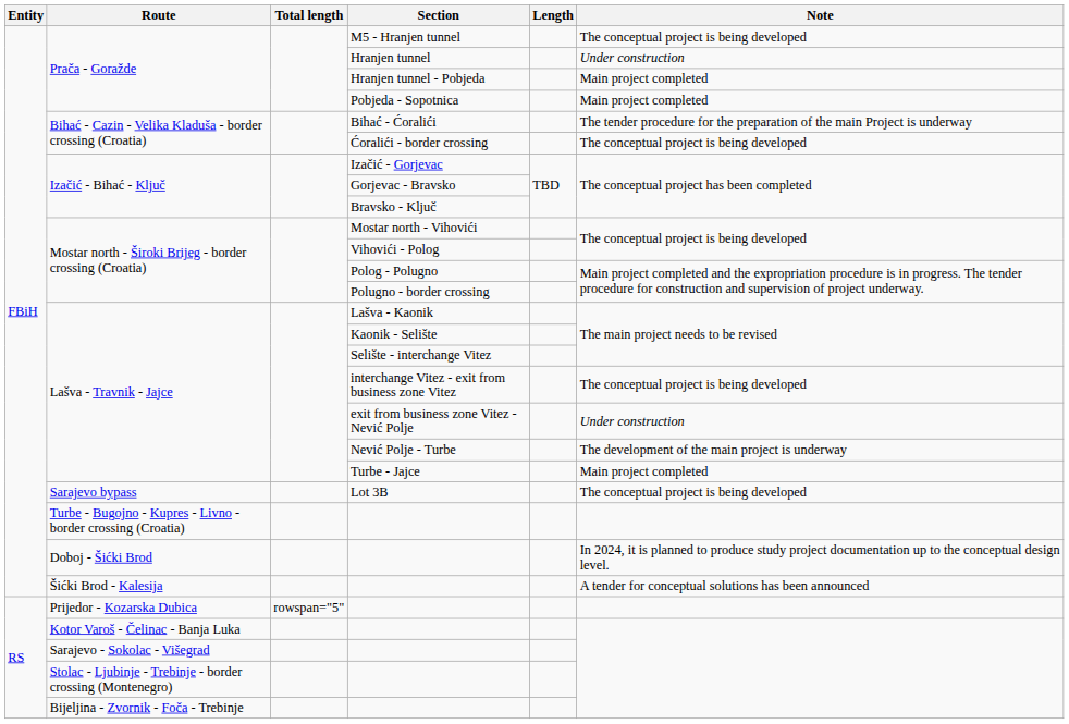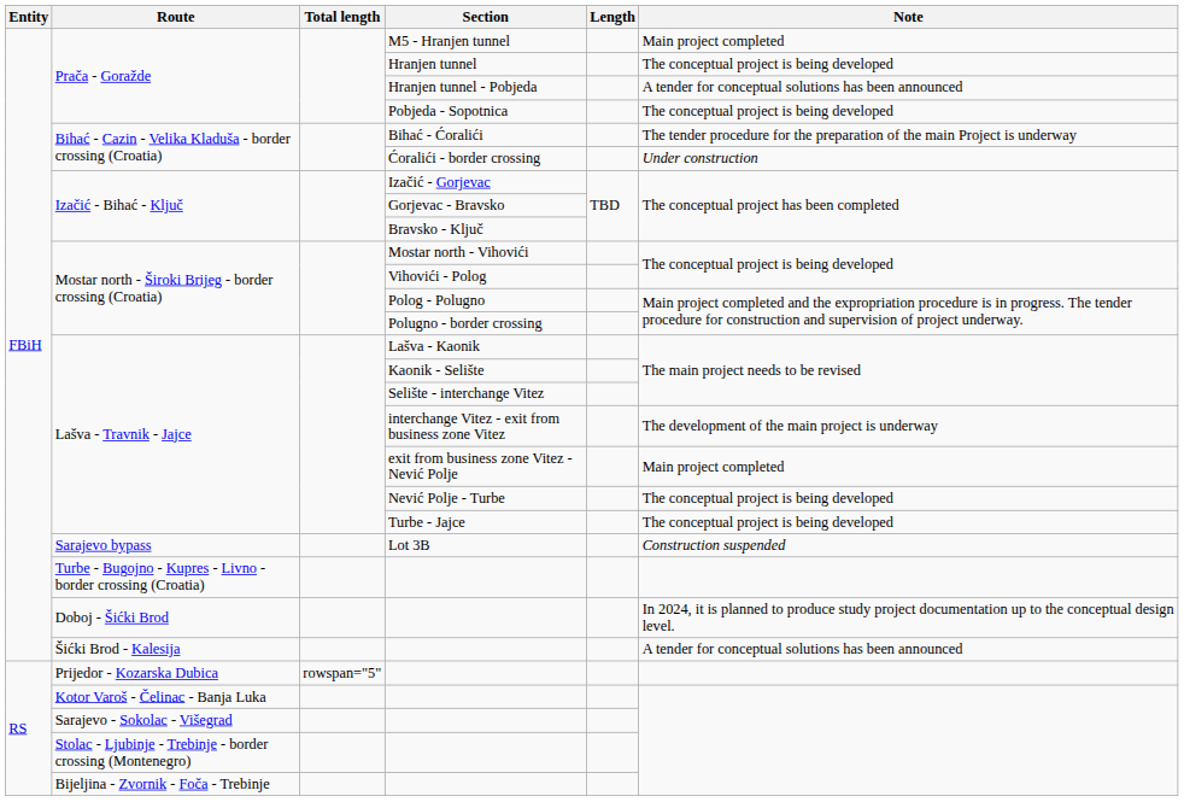 <table class="wikitable" style="margin:auto;">
 <tr>
 <th>Entity</th>
 <th>Route</th>
 <th>Total length</th>
 <th>Section</th>
 <th>Length</th>
 <th>Note</th>
 </tr>
 <tr>
 <td rowspan="24"><a href='#'>FBiH</a></td>
 <td rowspan="4"><a href='#'>Prača</a> - <a href='#'>Goražde</a></td>
 <td rowspan="4"></td>
 <td>M5 - Hranjen tunnel</td>
 <td></td>
-<td>The conceptual project is being developed</td>
+<td>Main project completed</td>
 </tr>
 <tr>
 <td>Hranjen tunnel</td>
 <td></td>
-<td><em>Under construction</em></td>
+<td>The conceptual project is being developed</td>
 </tr>
 <tr>
 <td>Hranjen tunnel - Pobjeda</td>
 <td></td>
-<td>Main project completed</td>
+<td>A tender for conceptual solutions has been announced</td>
 </tr>
 <tr>
 <td>Pobjeda - Sopotnica</td>
 <td></td>
-<td>Main project completed</td>
+<td>The conceptual project is being developed</td>
 </tr>
 <tr>
 <td rowspan="2"><a href='#'>Bihać</a> - <a href='#'>Cazin</a> - <a href='#'>Velika Kladuša</a> - border crossing (Croatia)</td>
 <td rowspan="2"></td>
 <td>Bihać - Ćoralići</td>
 <td></td>
 <td>The tender procedure for the preparation of the main Project is underway</td>
 </tr>
 <tr>
 <td>Ćoralići - border crossing</td>
 <td></td>
-<td>The conceptual project is being developed</td>
+<td><em>Under construction</em></td>
 </tr>
 <tr>
 <td rowspan="3"><a href='#'>Izačić</a> - Bihać - <a href='#'>Ključ</a></td>
 <td rowspan="3"></td>
 <td>Izačić - <a href='#'>Gorjevac</a></td>
 <td rowspan="3">TBD</td>
 <td rowspan="3">The conceptual project has been completed</td>
 </tr>
 <tr>
 <td>Gorjevac - Bravsko</td>
 </tr>
 <tr>
 <td>Bravsko - Ključ</td>
 </tr>
 <tr>
 <td rowspan="4">Mostar north - <a href='#'>Široki Brijeg</a> - border crossing (Croatia)</td>
 <td rowspan="4"></td>
 <td>Mostar north - Vihovići</td>
 <td></td>
 <td rowspan="2">The conceptual project is being developed</td>
 </tr>
 <tr>
 <td>Vihovići - Polog</td>
 <td></td>
 </tr>
 <tr>
 <td>Polog - Polugno</td>
 <td></td>
 <td rowspan="2">Main project completed and the expropriation procedure is in progress. The tender procedure for construction and supervision of project underway.</td>
 </tr>
 <tr>
 <td>Polugno - border crossing</td>
 <td></td>
 </tr>
 <tr>
 <td rowspan="7">Lašva - <a href='#'>Travnik</a> - <a href='#'>Jajce</a></td>
 <td rowspan="7"></td>
 <td>Lašva - Kaonik</td>
 <td></td>
 <td rowspan="3">The main project needs to be revised</td>
 </tr>
 <tr>
 <td>Kaonik - Selište</td>
 <td></td>
 </tr>
 <tr>
 <td>Selište - interchange Vitez</td>
 <td></td>
 </tr>
 <tr>
 <td>interchange Vitez - exit from business zone Vitez</td>
 <td></td>
-<td>The conceptual project is being developed</td>
+<td>The development of the main project is underway</td>
 </tr>
 <tr>
 <td>exit from business zone Vitez - Nević Polje</td>
 <td></td>
-<td><em>Under construction</em></td>
+<td>Main project completed</td>
 </tr>
 <tr>
 <td>Nević Polje - Turbe</td>
 <td></td>
-<td>The development of the main project is underway</td>
+<td>The conceptual project is being developed</td>
 </tr>
 <tr>
 <td>Turbe - Jajce</td>
 <td></td>
-<td>Main project completed</td>
+<td>The conceptual project is being developed</td>
 </tr>
 <tr>
 <td><a href='#'>Sarajevo bypass</a></td>
 <td></td>
 <td>Lot 3B</td>
 <td></td>
-<td>The conceptual project is being developed</td>
+<td><em>Construction suspended</em></td>
 </tr>
 <tr>
 <td><a href='#'>Turbe</a> - <a href='#'>Bugojno</a> - <a href='#'>Kupres</a> - <a href='#'>Livno</a> - border crossing (Croatia)</td>
 <td></td>
 <td></td>
 <td></td>
 <td></td>
 </tr>
 <tr>
 <td>Doboj - <a href='#'>Šićki Brod</a></td>
 <td></td>
 <td></td>
 <td></td>
 <td>In 2024, it is planned to produce study project documentation up to the conceptual design level.</td>
 </tr>
 <tr>
 <td>Šićki Brod - <a href='#'>Kalesija</a></td>
 <td></td>
 <td></td>
 <td></td>
 <td>A tender for conceptual solutions has been announced</td>
 </tr>
 <tr>
 <td rowspan="5"><a href='#'>RS</a></td>
 <td>Prijedor - <a href='#'>Kozarska Dubica</a></td>
 <td>rowspan="5" </td>
 <td></td>
 <td></td>
 <td></td>
 </tr>
 <tr>
 <td><a href='#'>Kotor Varoš</a> - <a href='#'>Čelinac</a> - Banja Luka</td>
 <td></td>
 <td></td>
 <td></td>
 </tr>
 <tr>
 <td>Sarajevo - <a href='#'>Sokolac</a> - <a href='#'>Višegrad</a></td>
 <td></td>
 <td></td>
 <td></td>
 </tr>
 <tr>
 <td><a href='#'>Stolac</a> - <a href='#'>Ljubinje</a> - <a href='#'>Trebinje</a> - border crossing (Montenegro)</td>
 <td></td>
 <td></td>
 <td></td>
 </tr>
 <tr>
 <td>Bijeljina - <a href='#'>Zvornik</a> - <a href='#'>Foča</a> - Trebinje</td>
 <td></td>
 <td></td>
 <td></td>
 </tr>
 </table>
